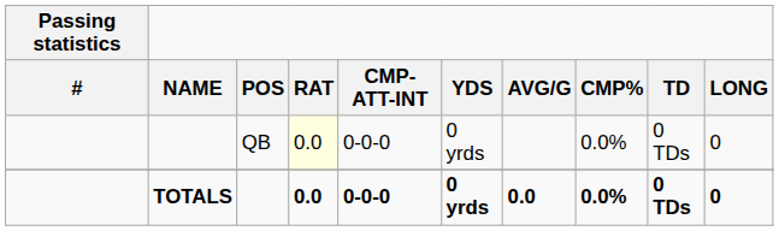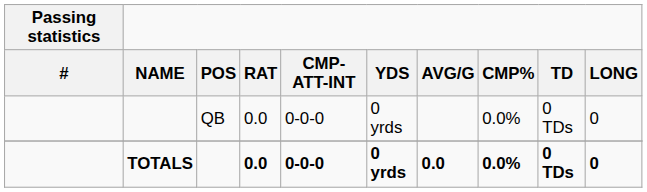 <table class="wikitable">
 <tr>
 <th style="text-align:center; ">Passing statistics</th>
 </tr>
 <tr>
 <th>#</th>
 <th>NAME</th>
 <th>POS</th>
 <th>RAT</th>
 <th>CMP-ATT-INT</th>
 <th>YDS</th>
 <th>AVG/G</th>
 <th>CMP%</th>
 <th>TD</th>
 <th>LONG</th>
 </tr>
 <tr>
 <td></td>
 <td></td>
 <td>QB</td>
-<td style="background: lightyellow;">0.0</td>
+<td>0.0</td>
 <td>0-0-0</td>
 <td>0 yrds</td>
 <td></td>
 <td>0.0%</td>
 <td>0 TDs</td>
 <td>0</td>
 </tr>
 <tr>
 </tr>
 <tr>
 <td></td>
 <td><strong>TOTALS</strong></td>
 <td></td>
 <td><strong>0.0</strong></td>
 <td><strong>0-0-0</strong></td>
 <td><strong>0 yrds</strong></td>
 <td><strong>0.0</strong></td>
 <td><strong>0.0%</strong></td>
 <td><strong>0 TDs</strong></td>
 <td><strong>0</strong></td>
 </tr>
 </table>
